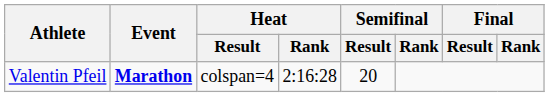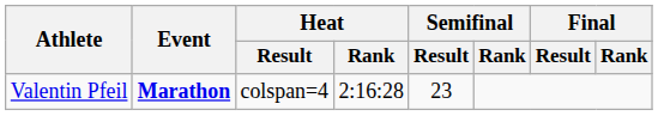 <table class=wikitable style=font-size:90%>
 <tr>
 <th rowspan=2>Athlete</th>
 <th rowspan=2>Event</th>
 <th colspan=2>Heat</th>
 <th colspan=2>Semifinal</th>
 <th colspan=2>Final</th>
 </tr>
 <tr style=font-size:95%>
 <th>Result</th>
 <th>Rank</th>
 <th>Result</th>
 <th>Rank</th>
 <th>Result</th>
 <th>Rank</th>
 </tr>
 <tr align=center>
 <td align=left><a href='#'>Valentin Pfeil</a></td>
 <td align=left><strong><a href='#'>Marathon</a></strong></td>
 <td>colspan=4 </td>
 <td>2:16:28</td>
-<td>20</td>
+<td>23</td>
 </tr>
 </table>
